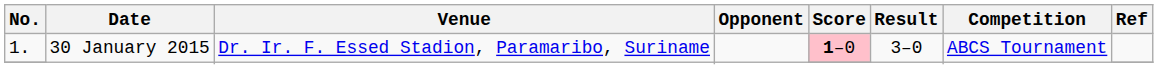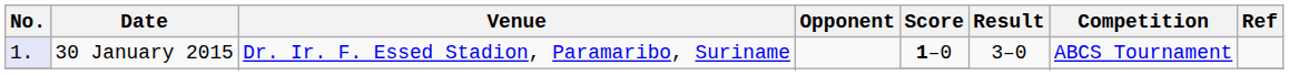 <table class="wikitable" style="font-size:100%;">
 <tr>
 <th>No.</th>
 <th>Date</th>
 <th>Venue</th>
 <th>Opponent</th>
 <th>Score</th>
 <th>Result</th>
 <th>Competition</th>
 <th>Ref</th>
 </tr>
 <tr>
-<td>1.</td>
+<td style="background: lavender;">1.</td>
 <td rowspan="3">30 January 2015</td>
 <td rowspan="3"><a href='#'>Dr. Ir. F. Essed Stadion</a>, <a href='#'>Paramaribo</a>, <a href='#'>Suriname</a></td>
 <td rowspan="3"></td>
-<td align=center style="background: pink;"><strong>1</strong>–0</td>
+<td align=center><strong>1</strong>–0</td>
 <td rowspan="3" style="text-align:center">3–0</td>
 <td rowspan="3"><a href='#'>ABCS Tournament</a></td>
 <td></td>
 </tr>
 <tr>
 </tr>
 </table>
